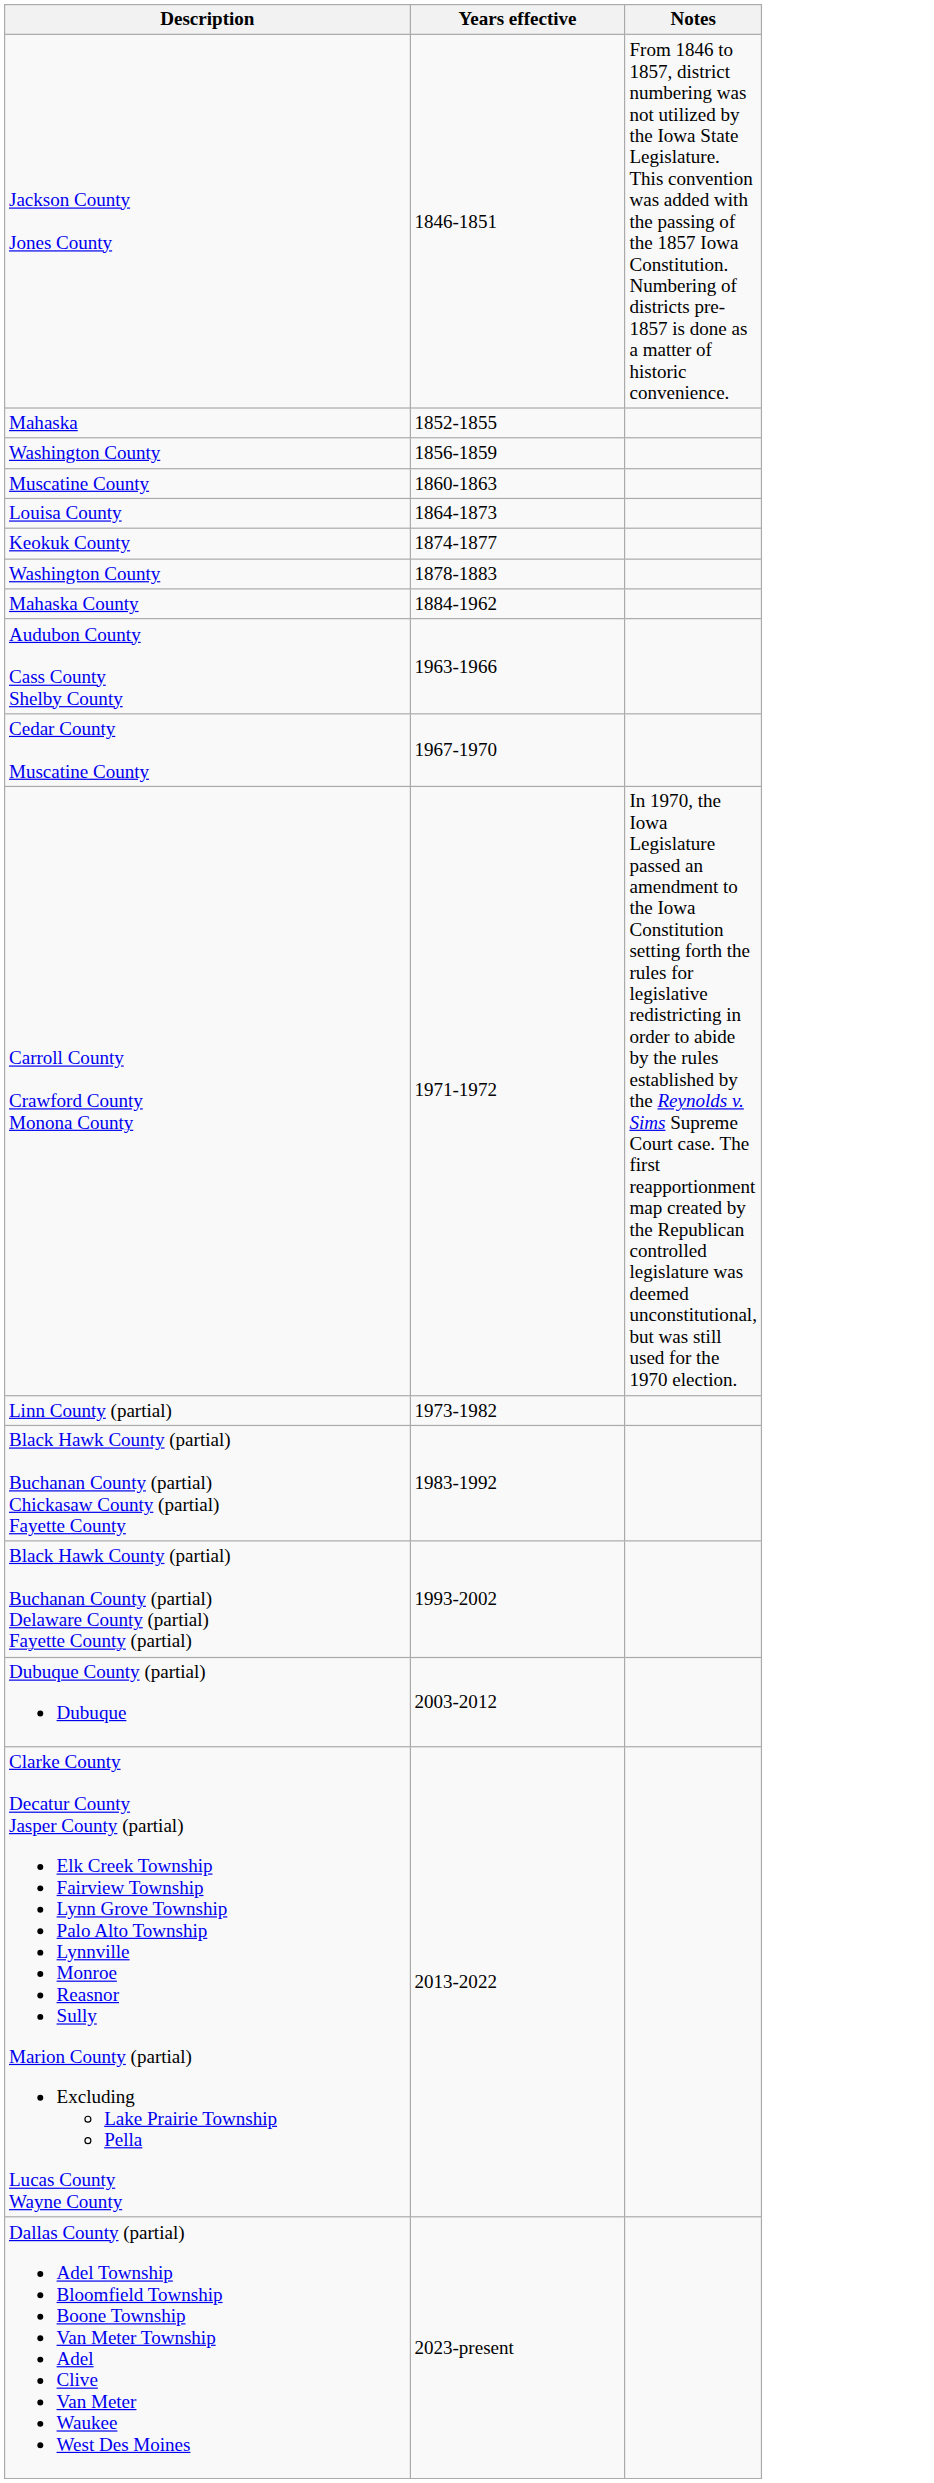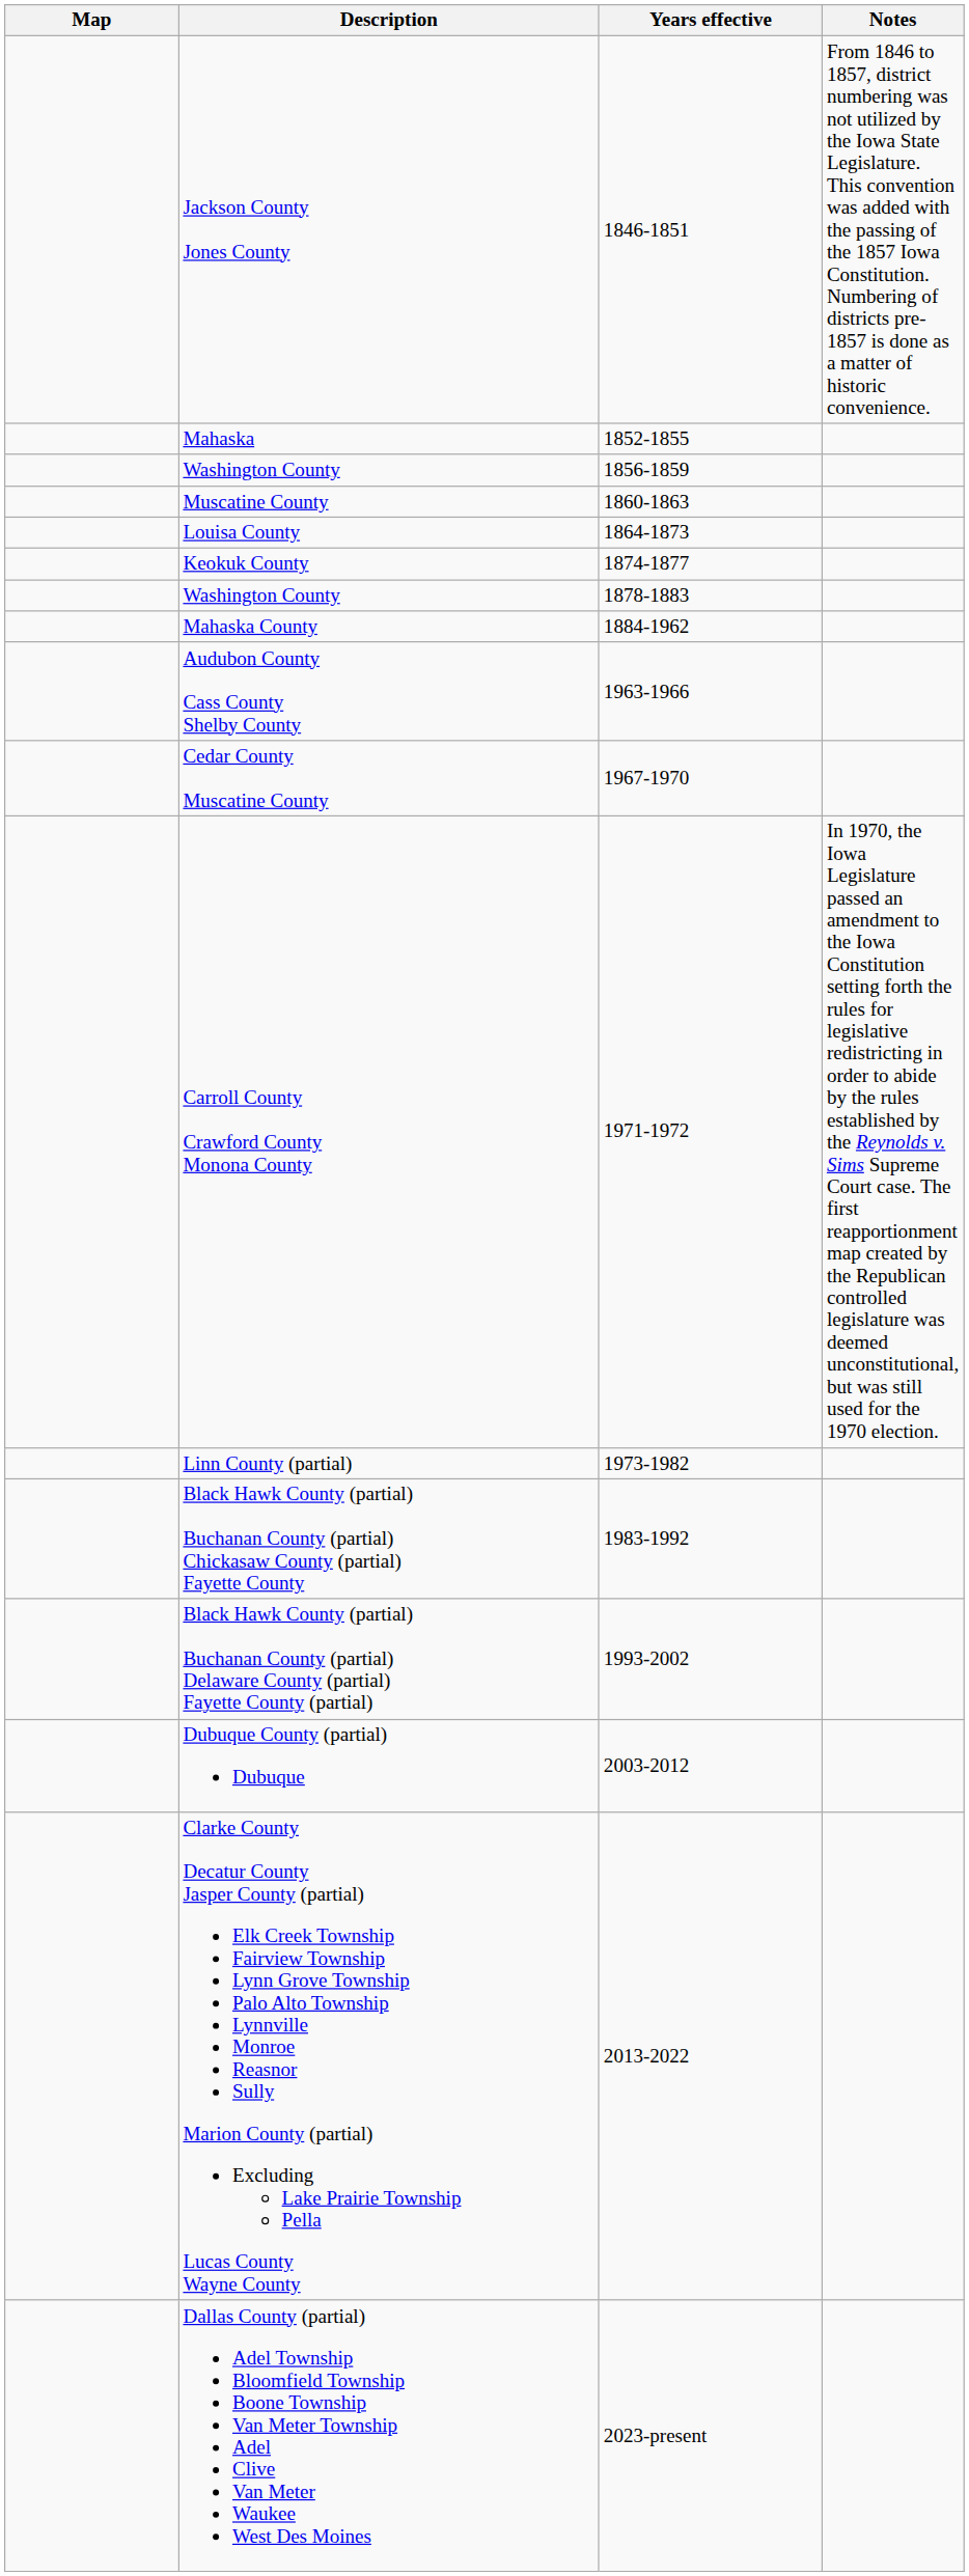 <table class="wikitable sortable">
 <tr>
+<th style="width:100pt;">Map</th>
 <th style="width:250pt;">Description</th>
 <th style="width:130pt;">Years effective</th>
 <th style="width:15pt;">Notes</th>
 </tr>
 <tr>
+<td></td>
 <td><a href='#'>Jackson County</a><br><br><a href='#'>Jones County</a></td>
 <td>1846-1851</td>
 <td>From 1846 to 1857, district numbering was not utilized by the Iowa State Legislature. This convention was added with the passing of the 1857 Iowa Constitution. Numbering of districts pre-1857 is done as a matter of historic convenience.</td>
 </tr>
 <tr>
+<td></td>
 <td><a href='#'>Mahaska</a></td>
 <td>1852-1855</td>
 <td></td>
 </tr>
 <tr>
+<td></td>
 <td><a href='#'>Washington County</a></td>
 <td>1856-1859</td>
 <td></td>
 </tr>
 <tr>
+<td></td>
 <td><a href='#'>Muscatine County</a></td>
 <td>1860-1863</td>
 <td></td>
 </tr>
 <tr>
+<td></td>
 <td><a href='#'>Louisa County</a></td>
 <td>1864-1873</td>
 <td></td>
 </tr>
 <tr>
+<td></td>
 <td><a href='#'>Keokuk County</a></td>
 <td>1874-1877</td>
 <td></td>
 </tr>
 <tr>
+<td></td>
 <td><a href='#'>Washington County</a></td>
 <td>1878-1883</td>
 <td></td>
 </tr>
 <tr>
+<td></td>
 <td><a href='#'>Mahaska County</a></td>
 <td>1884-1962</td>
 <td></td>
 </tr>
 <tr>
+<td></td>
 <td><a href='#'>Audubon County</a><br><br><a href='#'>Cass County</a><br> <a href='#'>Shelby County</a></td>
 <td>1963-1966</td>
 <td></td>
 </tr>
 <tr>
+<td></td>
 <td><a href='#'>Cedar County</a><br><br><a href='#'>Muscatine County</a></td>
 <td>1967-1970</td>
 <td></td>
 </tr>
 <tr>
+<td></td>
 <td><a href='#'>Carroll County</a><br><br><a href='#'>Crawford County</a><br> <a href='#'>Monona County</a></td>
 <td>1971-1972</td>
 <td>In 1970, the Iowa Legislature passed an amendment to the Iowa Constitution setting forth the rules for legislative redistricting in order to abide by the rules established by the <em><a href='#'>Reynolds v. Sims</a></em> Supreme Court case. The first reapportionment map created by the Republican controlled legislature was deemed unconstitutional, but was still used for the 1970 election.</td>
 </tr>
 <tr>
+<td></td>
 <td><a href='#'>Linn County</a> (partial)</td>
 <td>1973-1982</td>
 <td></td>
 </tr>
 <tr>
+<td></td>
 <td><a href='#'>Black Hawk County</a> (partial)<br><br><a href='#'>Buchanan County</a> (partial)<br> <a href='#'>Chickasaw County</a> (partial)<br> <a href='#'>Fayette County</a></td>
 <td>1983-1992</td>
 <td></td>
 </tr>
 <tr>
+<td></td>
 <td><a href='#'>Black Hawk County</a> (partial)<br><br><a href='#'>Buchanan County</a> (partial)<br> <a href='#'>Delaware County</a> (partial)<br> <a href='#'>Fayette County</a> (partial)</td>
 <td>1993-2002</td>
 <td></td>
 </tr>
 <tr>
+<td></td>
 <td><a href='#'>Dubuque County</a> (partial)<br><ul><li><a href='#'>Dubuque</a></li></ul></td>
 <td>2003-2012</td>
 <td></td>
 </tr>
 <tr>
+<td></td>
 <td><a href='#'>Clarke County</a><br><br><a href='#'>Decatur County</a><br> <a href='#'>Jasper County</a> (partial)<ul><li><a href='#'>Elk Creek Township</a></li><li><a href='#'>Fairview Township</a></li><li><a href='#'>Lynn Grove Township</a></li><li><a href='#'>Palo Alto Township</a></li><li><a href='#'>Lynnville</a></li><li><a href='#'>Monroe</a></li><li><a href='#'>Reasnor</a></li><li><a href='#'>Sully</a></li></ul><a href='#'>Marion County</a> (partial)<ul><li>Excluding<ul><li><a href='#'>Lake Prairie Township</a></li><li><a href='#'>Pella</a></li></ul></li></ul><a href='#'>Lucas County</a><br> <a href='#'>Wayne County</a></td>
 <td>2013-2022</td>
 <td></td>
 </tr>
 <tr>
+<td></td>
 <td><a href='#'>Dallas County</a> (partial)<br><ul><li><a href='#'>Adel Township</a></li><li><a href='#'>Bloomfield Township</a></li><li><a href='#'>Boone Township</a></li><li><a href='#'>Van Meter Township</a></li><li><a href='#'>Adel</a></li><li><a href='#'>Clive</a></li><li><a href='#'>Van Meter</a></li><li><a href='#'>Waukee</a></li><li><a href='#'>West Des Moines</a></li></ul></td>
 <td>2023-present</td>
 <td></td>
 </tr>
 </table>
